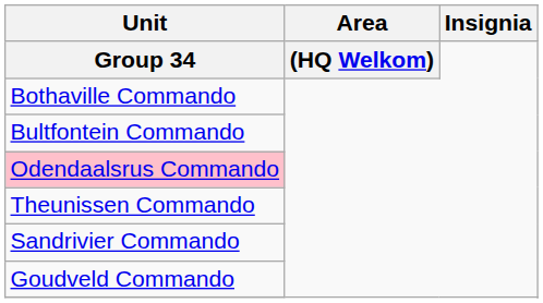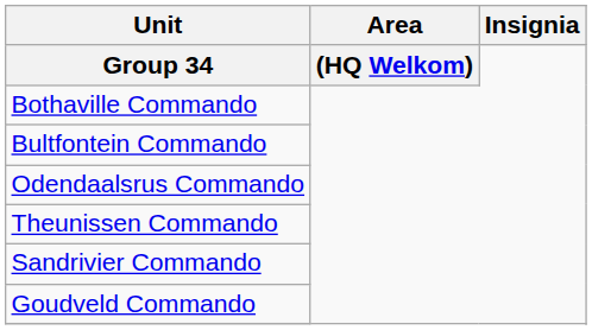 <table class="wikitable">
 <tr>
 <th>Unit</th>
 <th>Area</th>
 <th>Insignia</th>
 </tr>
 <tr>
 <th>Group 34</th>
 <th>(HQ <a href='#'>Welkom</a>)</th>
 </tr>
 <tr>
 <td><a href='#'>Bothaville Commando</a></td>
 </tr>
 <tr>
 <td><a href='#'>Bultfontein Commando</a></td>
 </tr>
 <tr>
-<td style="background: pink;"><a href='#'>Odendaalsrus Commando</a></td>
+<td><a href='#'>Odendaalsrus Commando</a></td>
 </tr>
 <tr>
 <td><a href='#'>Theunissen Commando</a></td>
 </tr>
 <tr>
 <td><a href='#'>Sandrivier Commando</a></td>
 </tr>
 <tr>
 <td><a href='#'>Goudveld Commando</a></td>
 </tr>
 <tr>
 </tr>
 </table>
